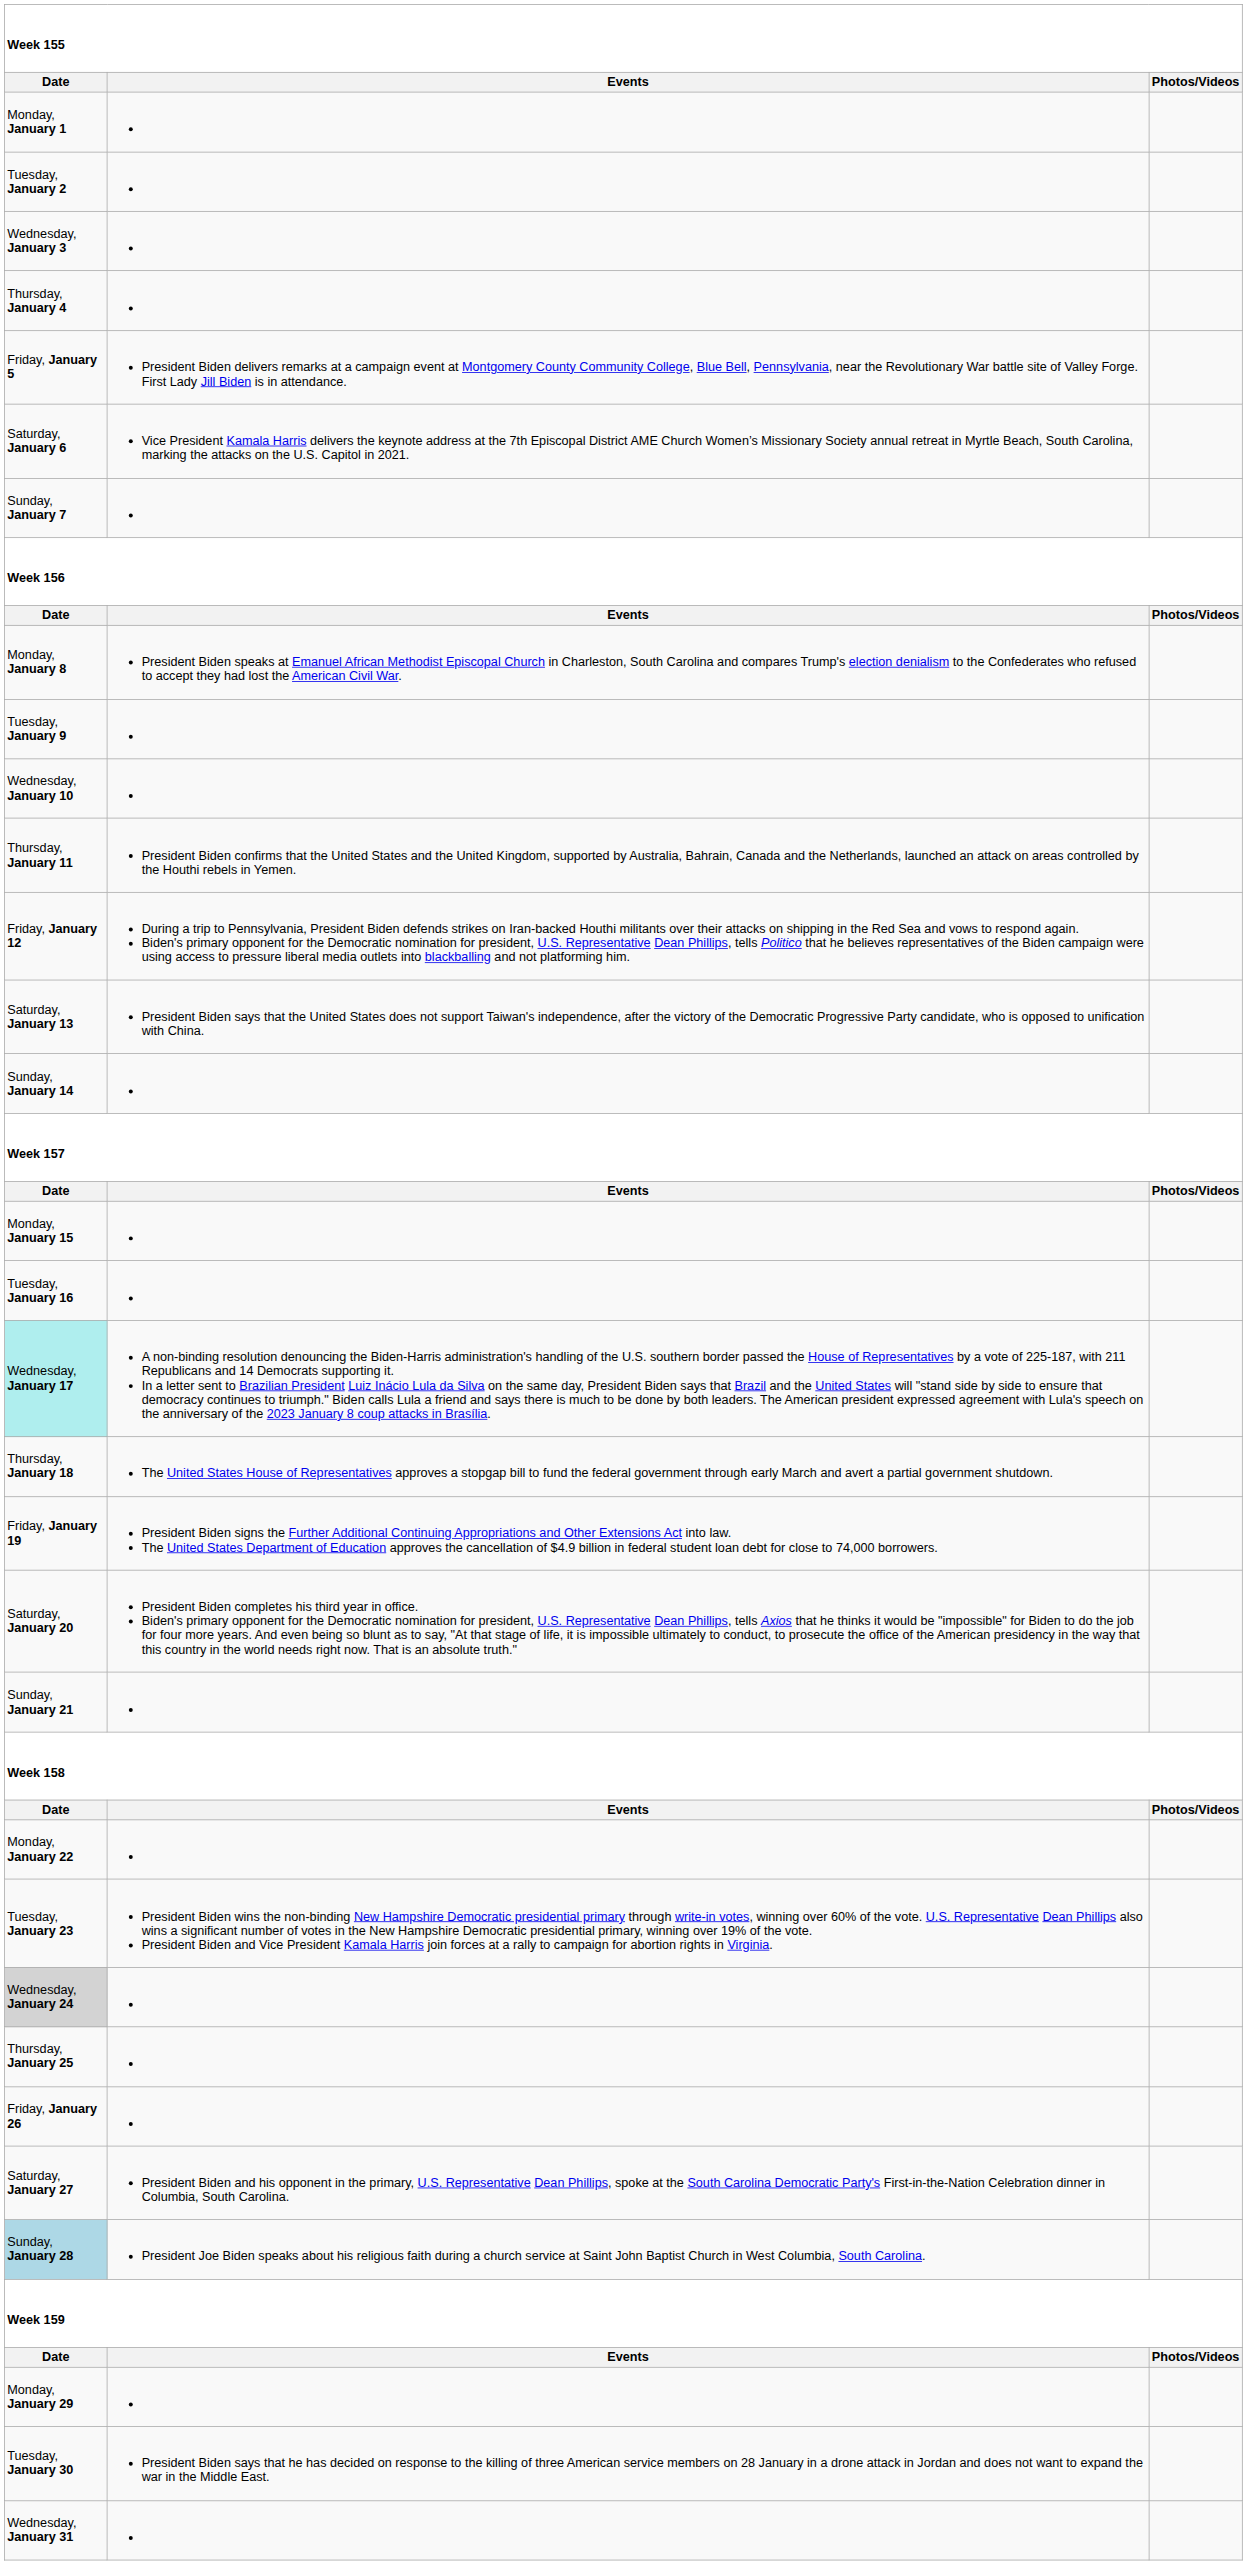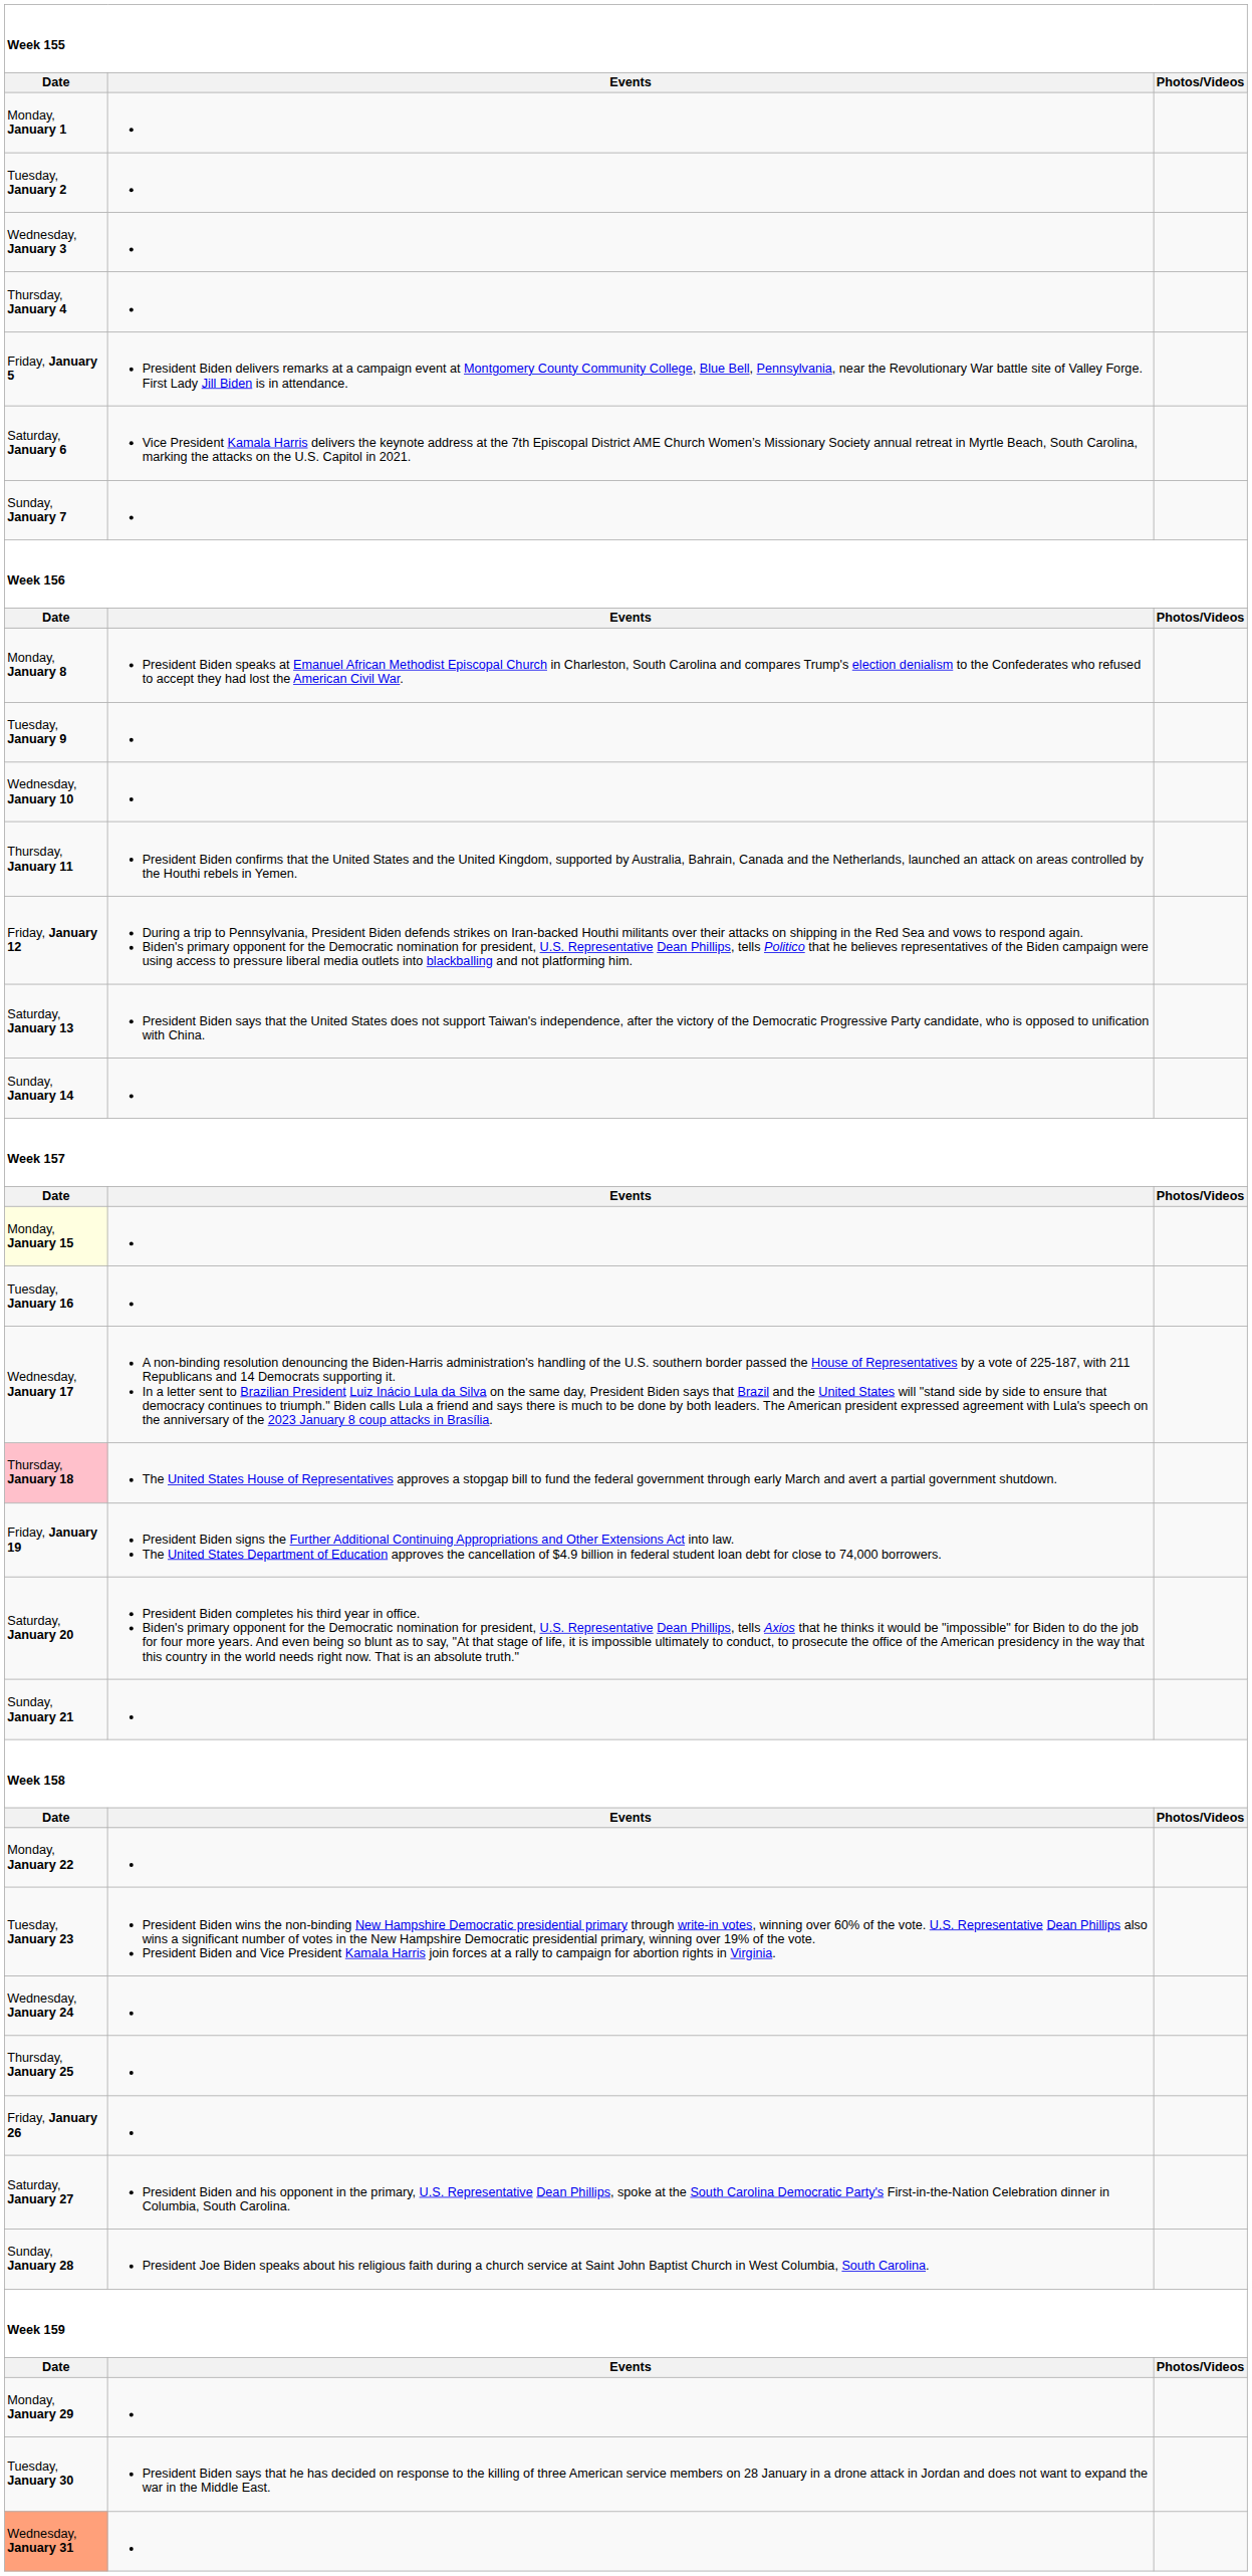 <table class="wikitable">
 <tr style="background:white;">
 <td colspan="3"><br><h4>Week 155</h4></td>
 </tr>
 <tr>
 <th>Date</th>
 <th>Events</th>
 <th>Photos/Videos</th>
 </tr>
 <tr>
 <td>Monday, <strong>January 1</strong></td>
 <td><br><ul><li></li></ul></td>
 <td></td>
 </tr>
 <tr>
 <td>Tuesday, <strong>January 2</strong></td>
 <td><br><ul><li></li></ul></td>
 <td></td>
 </tr>
 <tr>
 <td>Wednesday, <strong>January 3</strong></td>
 <td><br><ul><li></li></ul></td>
 <td></td>
 </tr>
 <tr>
 <td>Thursday, <strong>January 4</strong></td>
 <td><br><ul><li></li></ul></td>
 <td></td>
 </tr>
 <tr>
 <td>Friday, <strong>January 5</strong></td>
 <td><br><ul><li>President Biden delivers remarks at a campaign event at <a href='#'>Montgomery County Community College</a>, <a href='#'>Blue Bell</a>, <a href='#'>Pennsylvania</a>, near the Revolutionary War battle site of Valley Forge. First Lady <a href='#'>Jill Biden</a> is in attendance.</li></ul></td>
 <td></td>
 </tr>
 <tr>
 <td>Saturday, <strong>January 6</strong></td>
 <td><br><ul><li>Vice President <a href='#'>Kamala Harris</a> delivers the keynote address at the 7th Episcopal District AME Church Women’s Missionary Society annual retreat in Myrtle Beach, South Carolina, marking the attacks on the U.S. Capitol in 2021.</li></ul></td>
 <td></td>
 </tr>
 <tr>
 <td>Sunday, <strong>January 7</strong></td>
 <td><br><ul><li></li></ul></td>
 <td></td>
 </tr>
 <tr style="background:white;">
 <td colspan="3"><br><h4>Week 156</h4></td>
 </tr>
 <tr>
 <th>Date</th>
 <th>Events</th>
 <th>Photos/Videos</th>
 </tr>
 <tr>
 <td>Monday, <strong>January 8</strong></td>
 <td><br><ul><li>President Biden speaks at <a href='#'>Emanuel African Methodist Episcopal Church</a> in Charleston, South Carolina and compares Trump's <a href='#'>election denialism</a> to the Confederates who refused to accept they had lost the <a href='#'>American Civil War</a>.</li></ul></td>
 <td></td>
 </tr>
 <tr>
 <td>Tuesday, <strong>January 9</strong></td>
 <td><br><ul><li></li></ul></td>
 <td></td>
 </tr>
 <tr>
 <td>Wednesday, <strong>January 10</strong></td>
 <td><br><ul><li></li></ul></td>
 <td></td>
 </tr>
 <tr>
 <td>Thursday, <strong>January 11</strong></td>
 <td><br><ul><li>President Biden confirms that the United States and the United Kingdom, supported by Australia, Bahrain, Canada and the Netherlands, launched an attack on areas controlled by the Houthi rebels in Yemen.</li></ul></td>
 <td></td>
 </tr>
 <tr>
 <td>Friday, <strong>January 12</strong></td>
 <td><br><ul><li>During a trip to Pennsylvania, President Biden defends strikes on Iran-backed Houthi militants over their attacks on shipping in the Red Sea and vows to respond again.</li><li>Biden's primary opponent for the Democratic nomination for president, <a href='#'>U.S. Representative</a> <a href='#'>Dean Phillips</a>, tells <em><a href='#'>Politico</a></em> that he believes representatives of the Biden campaign were using access to pressure liberal media outlets into <a href='#'>blackballing</a> and not platforming him.</li></ul></td>
 <td></td>
 </tr>
 <tr>
 <td>Saturday, <strong>January 13</strong></td>
 <td><br><ul><li>President Biden says that the United States does not support Taiwan's independence, after the victory of the Democratic Progressive Party candidate, who is opposed to unification with China.</li></ul></td>
 <td></td>
 </tr>
 <tr>
 <td>Sunday, <strong>January 14</strong></td>
 <td><br><ul><li></li></ul></td>
 <td></td>
 </tr>
 <tr style="background:white;">
 <td colspan="3"><br><h4>Week 157</h4></td>
 </tr>
 <tr>
 <th>Date</th>
 <th>Events</th>
 <th>Photos/Videos</th>
 </tr>
 <tr>
-<td>Monday, <strong>January 15</strong></td>
+<td style="background: lightyellow;">Monday, <strong>January 15</strong></td>
 <td><br><ul><li></li></ul></td>
 <td></td>
 </tr>
 <tr>
 <td>Tuesday, <strong>January 16</strong></td>
 <td><br><ul><li></li></ul></td>
 <td></td>
 </tr>
 <tr>
-<td style="background: paleturquoise;">Wednesday, <strong>January 17</strong></td>
+<td>Wednesday, <strong>January 17</strong></td>
 <td><br><ul><li>A non-binding resolution denouncing the Biden-Harris administration's handling of the U.S. southern border passed the <a href='#'>House of Representatives</a> by a vote of 225-187, with 211 Republicans and 14 Democrats supporting it.</li><li>In a letter sent to <a href='#'>Brazilian President</a> <a href='#'>Luiz Inácio Lula da Silva</a> on the same day, President Biden says that <a href='#'>Brazil</a> and the <a href='#'>United States</a> will "stand side by side to ensure that democracy continues to triumph." Biden calls Lula a friend and says there is much to be done by both leaders. The American president expressed agreement with Lula's speech on the anniversary of the <a href='#'>2023 January 8 coup attacks in Brasília</a>.</li></ul></td>
 <td></td>
 </tr>
 <tr>
-<td>Thursday, <strong>January 18</strong></td>
+<td style="background: pink;">Thursday, <strong>January 18</strong></td>
 <td><br><ul><li>The <a href='#'>United States House of Representatives</a> approves a stopgap bill to fund the federal government through early March and avert a partial government shutdown.</li></ul></td>
 <td></td>
 </tr>
 <tr>
 <td>Friday, <strong>January 19</strong></td>
 <td><br><ul><li>President Biden signs the <a href='#'>Further Additional Continuing Appropriations and Other Extensions Act</a> into law.</li><li>The <a href='#'>United States Department of Education</a> approves the cancellation of $4.9 billion in federal student loan debt for close to 74,000 borrowers.</li></ul></td>
 <td></td>
 </tr>
 <tr>
 <td>Saturday, <strong>January 20</strong></td>
 <td><br><ul><li>President Biden completes his third year in office.</li><li>Biden's primary opponent for the Democratic nomination for president, <a href='#'>U.S. Representative</a> <a href='#'>Dean Phillips</a>, tells <em><a href='#'>Axios</a></em> that he thinks it would be "impossible" for Biden to do the job for four more years. And even being so blunt as to say, "At that stage of life, it is impossible ultimately to conduct, to prosecute the office of the American presidency in the way that this country in the world needs right now. That is an absolute truth."</li></ul></td>
 <td></td>
 </tr>
 <tr>
 <td>Sunday, <strong>January 21</strong></td>
 <td><br><ul><li></li></ul></td>
 <td></td>
 </tr>
 <tr style="background:white;">
 <td colspan="3"><br><h4>Week 158</h4></td>
 </tr>
 <tr>
 <th>Date</th>
 <th>Events</th>
 <th>Photos/Videos</th>
 </tr>
 <tr>
 <td>Monday, <strong>January 22</strong></td>
 <td><br><ul><li></li></ul></td>
 <td></td>
 </tr>
 <tr>
 <td>Tuesday, <strong>January 23</strong></td>
 <td><br><ul><li>President Biden wins the non-binding <a href='#'>New Hampshire Democratic presidential primary</a> through <a href='#'>write-in votes</a>, winning over 60% of the vote. <a href='#'>U.S. Representative</a> <a href='#'>Dean Phillips</a> also wins a significant number of votes in the New Hampshire Democratic presidential primary, winning over 19% of the vote.</li><li>President Biden and Vice President <a href='#'>Kamala Harris</a> join forces at a rally to campaign for abortion rights in <a href='#'>Virginia</a>.</li></ul></td>
 <td></td>
 </tr>
 <tr>
-<td style="background: lightgrey;">Wednesday, <strong>January 24</strong></td>
+<td>Wednesday, <strong>January 24</strong></td>
 <td><br><ul><li></li></ul></td>
 <td></td>
 </tr>
 <tr>
 <td>Thursday, <strong>January 25</strong></td>
 <td><br><ul><li></li></ul></td>
 <td></td>
 </tr>
 <tr>
 <td>Friday, <strong>January 26</strong></td>
 <td><br><ul><li></li></ul></td>
 <td></td>
 </tr>
 <tr>
 <td>Saturday, <strong>January 27</strong></td>
 <td><br><ul><li>President Biden and his opponent in the primary, <a href='#'>U.S. Representative</a> <a href='#'>Dean Phillips</a>, spoke at the <a href='#'>South Carolina Democratic Party's</a> First-in-the-Nation Celebration dinner in Columbia, South Carolina.</li></ul></td>
 <td></td>
 </tr>
 <tr>
-<td style="background: lightblue;">Sunday, <strong>January 28</strong></td>
+<td>Sunday, <strong>January 28</strong></td>
 <td><br><ul><li>President Joe Biden speaks about his religious faith during a church service at Saint John Baptist Church in West Columbia, <a href='#'>South Carolina</a>.</li></ul></td>
 <td></td>
 </tr>
 <tr style="background:white;">
 <td colspan="3"><br><h4>Week 159</h4></td>
 </tr>
 <tr>
 <th>Date</th>
 <th>Events</th>
 <th>Photos/Videos</th>
 </tr>
 <tr>
 <td>Monday, <strong>January 29</strong></td>
 <td><br><ul><li></li></ul></td>
 <td></td>
 </tr>
 <tr>
 <td>Tuesday, <strong>January 30</strong></td>
 <td><br><ul><li>President Biden says that he has decided on response to the killing of three American service members on 28 January in a drone attack in Jordan and does not want to expand the war in the Middle East.</li></ul></td>
 <td></td>
 </tr>
 <tr>
-<td>Wednesday, <strong>January 31</strong></td>
+<td style="background: lightsalmon;">Wednesday, <strong>January 31</strong></td>
 <td><br><ul><li></li></ul></td>
 <td></td>
 </tr>
 </table>
